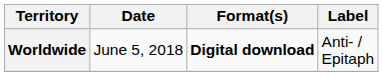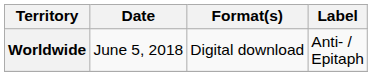 <table class="wikitable plainrowheaders">
 <tr>
 <th scope="col">Territory</th>
 <th scope="col">Date</th>
 <th scope="col">Format(s)</th>
 <th scope="col">Label</th>
 </tr>
 <tr>
 <th scope="row">Worldwide</th>
 <td>June 5, 2018</td>
-<td><strong>Digital download</strong></td>
+<td>Digital download</td>
 <td>Anti- /<br>Epitaph</td>
 </tr>
 <tr>
 </tr>
 </table>
